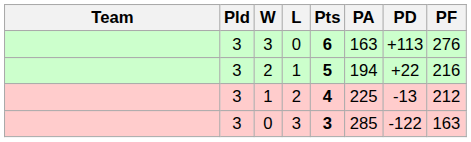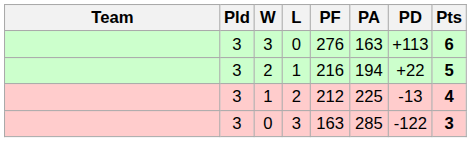 <table class="wikitable" style="text-align:center;">
 <tr>
 <th width=200>Team</th>
 <th width=20>Pld</th>
 <th width=20>W</th>
 <th width=20>L</th>
-<th width=20>Pts</th>
+<th width=30>PF</th>
 <th width=30>PA</th>
 <th width=30>PD</th>
-<th width=30>PF</th>
+<th width=20>Pts</th>
 </tr>
 <tr bgcolor="#ccffcc">
 <td align=left></td>
 <td>3</td>
 <td>3</td>
 <td>0</td>
-<td><strong>6</strong></td>
+<td>276</td>
 <td>163</td>
 <td>+113</td>
-<td>276</td>
+<td><strong>6</strong></td>
 </tr>
 <tr bgcolor="#ccffcc">
 <td align=left></td>
 <td>3</td>
 <td>2</td>
 <td>1</td>
-<td><strong>5</strong></td>
+<td>216</td>
 <td>194</td>
 <td>+22</td>
-<td>216</td>
+<td><strong>5</strong></td>
 </tr>
 <tr bgcolor=#ffcccc>
 <td align=left></td>
 <td>3</td>
 <td>1</td>
 <td>2</td>
-<td><strong>4</strong></td>
+<td>212</td>
 <td>225</td>
 <td>-13</td>
-<td>212</td>
+<td><strong>4</strong></td>
 </tr>
 <tr bgcolor=#ffcccc>
 <td align=left></td>
 <td>3</td>
 <td>0</td>
 <td>3</td>
-<td><strong>3</strong></td>
+<td>163</td>
 <td>285</td>
 <td>-122</td>
-<td>163</td>
+<td><strong>3</strong></td>
 </tr>
 </table>
